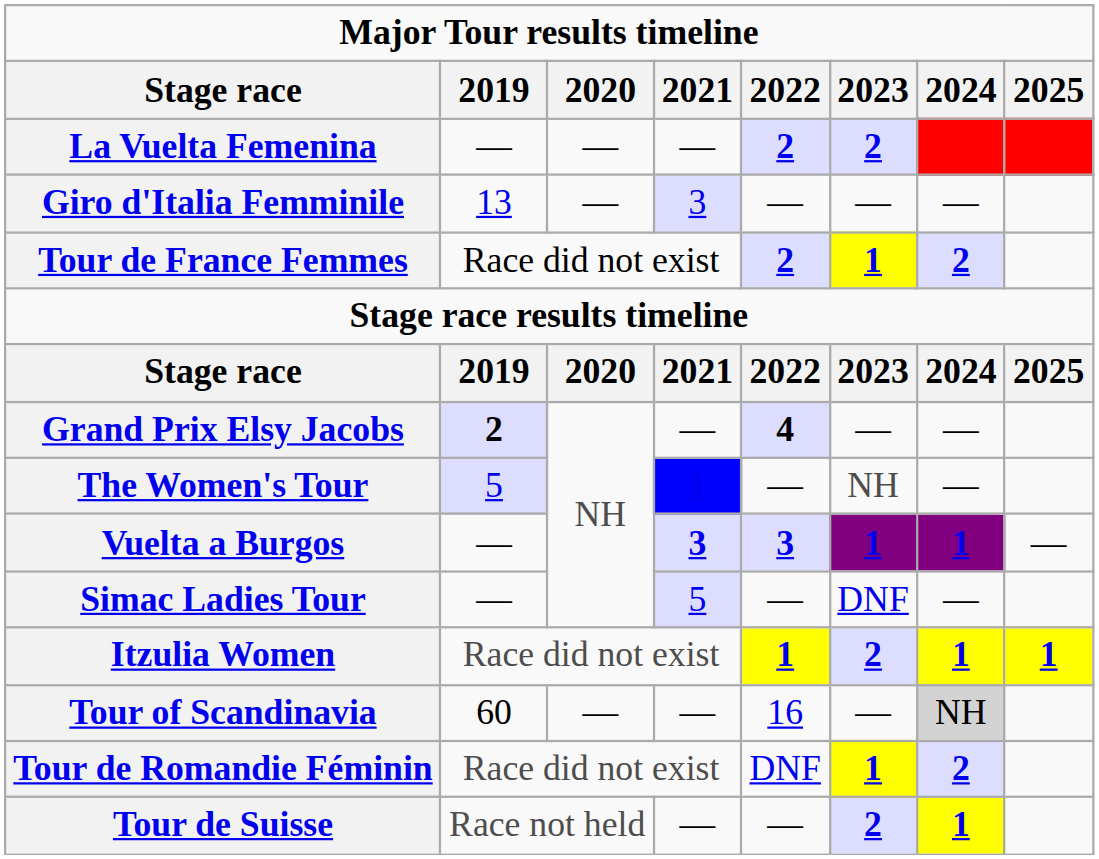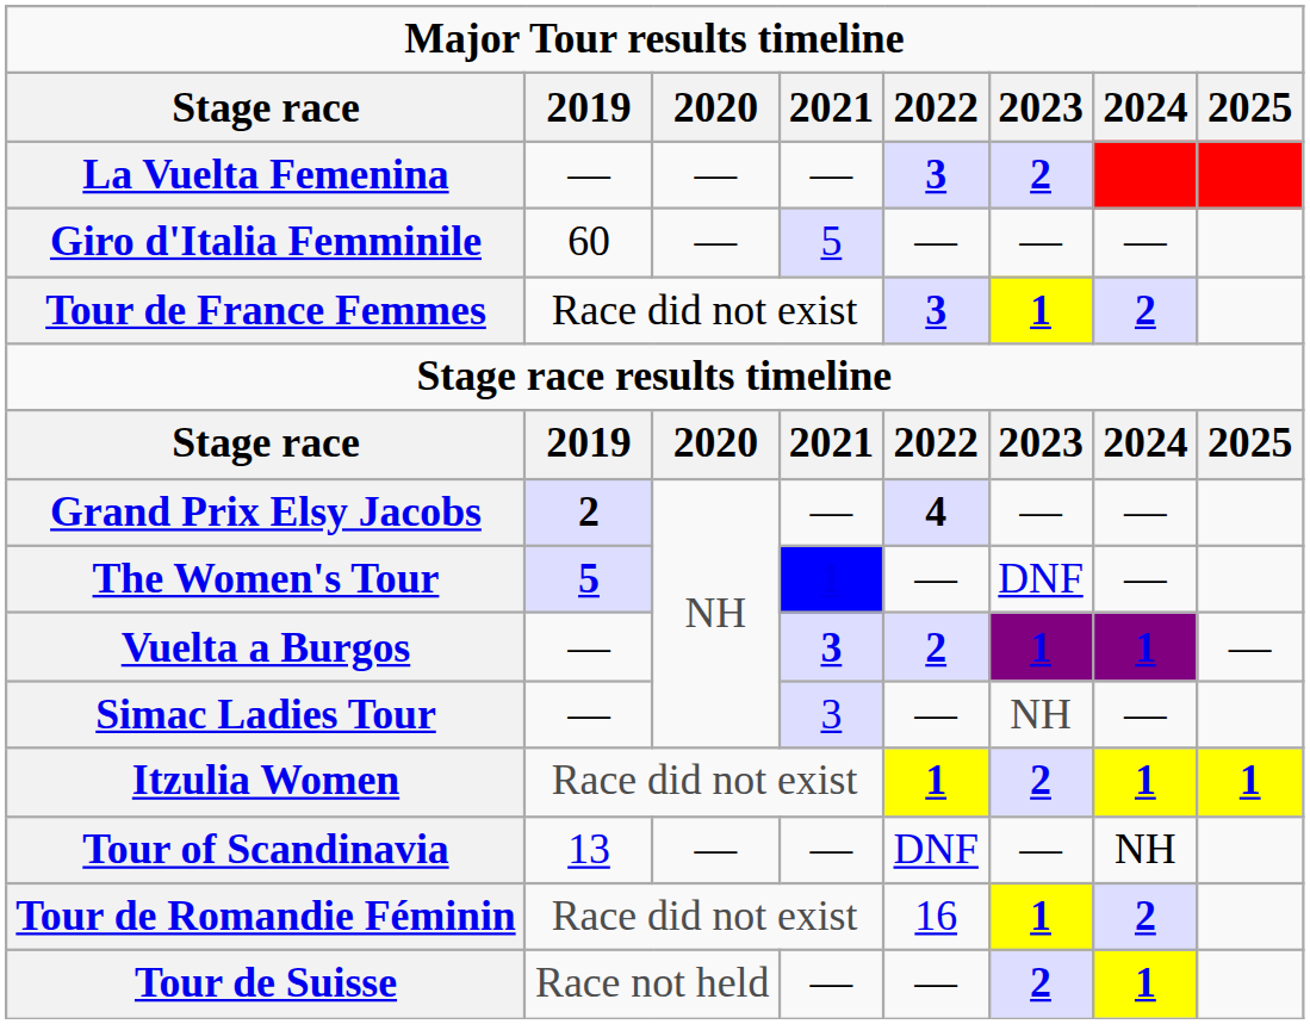 <table class="wikitable plainrowheaders">
 <tr>
 <td colspan="16" align="center"><strong>Major Tour results timeline</strong></td>
 </tr>
 <tr>
 <th>Stage race</th>
 <th>2019</th>
 <th>2020</th>
 <th>2021</th>
 <th>2022</th>
 <th>2023</th>
 <th>2024</th>
 <th>2025</th>
 </tr>
 <tr style="text-align:center">
 <th scope="row"><a href='#'>La Vuelta Femenina</a></th>
 <td>—</td>
 <td>—</td>
 <td>—</td>
-<td style="background:#ddf;"><a href='#'><strong>2</strong></a></td>
+<td style="background:#ddf;"><a href='#'><strong>3</strong></a></td>
 <td style="background:#ddf;"><a href='#'><strong>2</strong></a></td>
 <td style="background:red;"></td>
 <td style="background:red;"></td>
 </tr>
 <tr style="text-align:center">
 <th scope="row"><a href='#'>Giro d'Italia Femminile</a></th>
-<td><a href='#'>13</a></td>
+<td>60</td>
 <td>—</td>
-<td style="background:#ddf;"><a href='#'>3</a></td>
+<td style="background:#ddf;"><a href='#'>5</a></td>
 <td>—</td>
 <td>—</td>
 <td>—</td>
 <td></td>
 </tr>
 <tr style="text-align:center">
 <th scope="row"><a href='#'>Tour de France Femmes</a></th>
 <td colspan="3" align="center">Race did not exist</td>
-<td style="background:#ddf;"><a href='#'><strong>2</strong></a></td>
+<td style="background:#ddf;"><a href='#'><strong>3</strong></a></td>
 <td style="background:yellow;"><a href='#'><strong>1</strong></a></td>
 <td style="background:#ddf;"><a href='#'><strong>2</strong></a></td>
 <td></td>
 </tr>
 <tr>
 <td colspan="16" align="center"><strong>Stage race results timeline</strong></td>
 </tr>
 <tr>
 <th>Stage race</th>
 <th>2019</th>
 <th>2020</th>
 <th>2021</th>
 <th>2022</th>
 <th>2023</th>
 <th>2024</th>
 <th>2025</th>
 </tr>
 <tr style="text-align:center">
 <th scope="row"><a href='#'>Grand Prix Elsy Jacobs</a></th>
 <td style="background:#ddf;"><strong>2</strong></td>
 <td style="color:#4d4d4d;" rowspan=4>NH</td>
 <td>—</td>
 <td style="background:#ddf;"><strong>4</strong></td>
 <td>—</td>
 <td>—</td>
 <td></td>
 </tr>
 <tr style="text-align:center;">
 <th scope="row"><a href='#'>The Women's Tour</a></th>
-<td style="background:#ddf;"><a href='#'>5</a></td>
+<td style="background:#ddf;"><strong><a href='#'>5</a></strong></td>
 <th style="background:blue;"><a href='#'><span><strong>1</strong></span></a></th>
 <td>—</td>
-<td style="color:#4d4d4d;" colspan=1>NH</td>
+<td><a href='#'>DNF</a></td>
 <td>—</td>
 <td></td>
 </tr>
 <tr style="text-align:center;">
 <th scope="row"><a href='#'>Vuelta a Burgos</a></th>
 <td>—</td>
 <td style="background:#ddf;"><a href='#'><strong>3</strong></a></td>
-<td style="background:#ddf;"><a href='#'><strong>3</strong></a></td>
+<td style="background:#ddf;"><a href='#'><strong>2</strong></a></td>
 <td style="background:purple;"><a href='#'><span><strong>1</strong></span></a></td>
 <td style="background:purple;"><a href='#'><span><strong>1</strong></span></a></td>
 <td>—</td>
 </tr>
 <tr style="text-align:center;">
 <th scope="row"><a href='#'>Simac Ladies Tour</a></th>
 <td>—</td>
-<td style="background:#ddf;"><a href='#'>5</a></td>
+<td style="background:#ddf;"><a href='#'>3</a></td>
 <td>—</td>
-<td><a href='#'>DNF</a></td>
+<td style="color:#4d4d4d;" colspan=1>NH</td>
 <td>—</td>
 <td></td>
 </tr>
 <tr style="text-align:center;">
 <th scope="row"><a href='#'>Itzulia Women</a></th>
 <td style="color:#4d4d4d;" colspan=3>Race did not exist</td>
 <td style="background:yellow;"><a href='#'><strong>1</strong></a></td>
 <td style="background:#ddf;"><a href='#'><strong>2</strong></a></td>
 <td style="background:yellow;"><a href='#'><strong>1</strong></a></td>
 <td style="background:yellow;"><a href='#'><strong>1</strong></a></td>
 </tr>
 <tr style="text-align:center;">
 <th scope="row"><a href='#'>Tour of Scandinavia</a></th>
-<td>60</td>
+<td><a href='#'>13</a></td>
 <td>—</td>
 <td>—</td>
-<td><a href='#'>16</a></td>
+<td><a href='#'>DNF</a></td>
 <td>—</td>
-<td colspan="1" style="background: lightgrey;">NH</td>
+<td colspan="1">NH</td>
 <td></td>
 </tr>
 <tr style="text-align:center;">
 <th scope="row"><a href='#'>Tour de Romandie Féminin</a></th>
 <td style="color:#4d4d4d;" colspan=3>Race did not exist</td>
-<td><a href='#'>DNF</a></td>
+<td><a href='#'>16</a></td>
 <td style="background:yellow;"><a href='#'><strong>1</strong></a></td>
 <td style="background:#ddf;"><a href='#'><strong>2</strong></a></td>
 <td></td>
 </tr>
 <tr style="text-align:center;">
 <th scope="row"><a href='#'>Tour de Suisse</a></th>
 <td style="color:#4d4d4d;" colspan=2>Race not held</td>
 <td>—</td>
 <td>—</td>
 <td style="background:#ddf;"><a href='#'><strong>2</strong></a></td>
 <td style="background:yellow;"><a href='#'><strong>1</strong></a></td>
 <td></td>
 </tr>
 </table>
